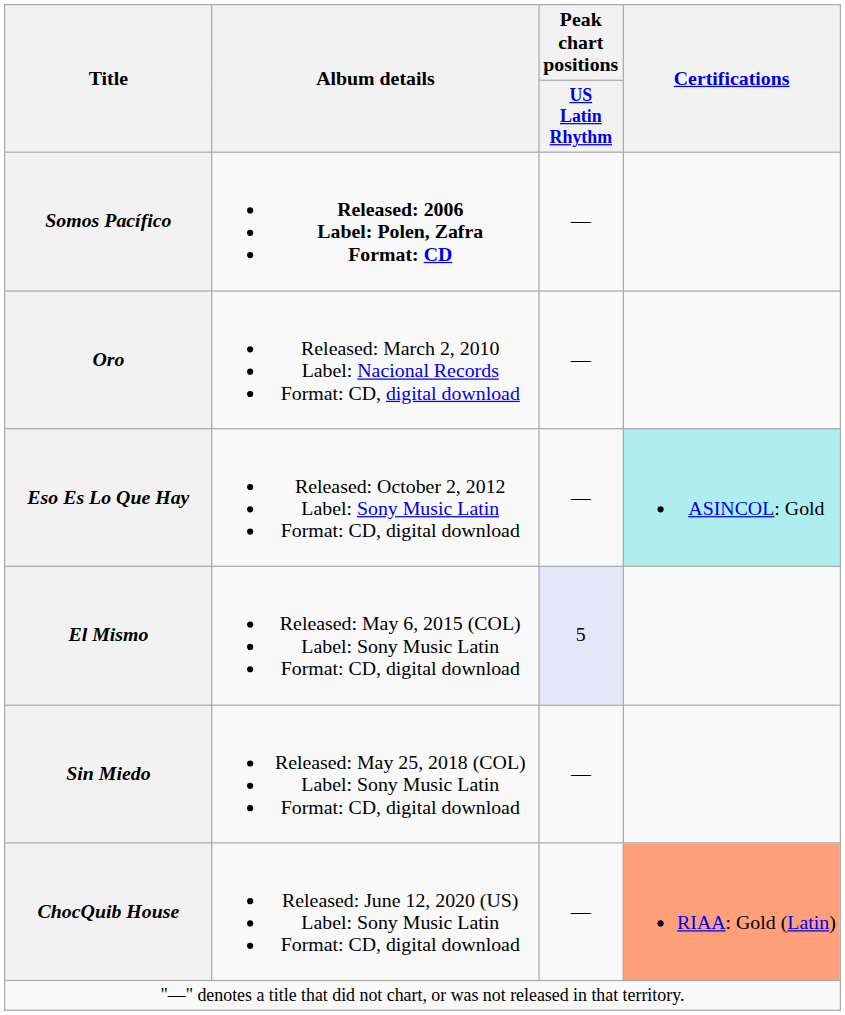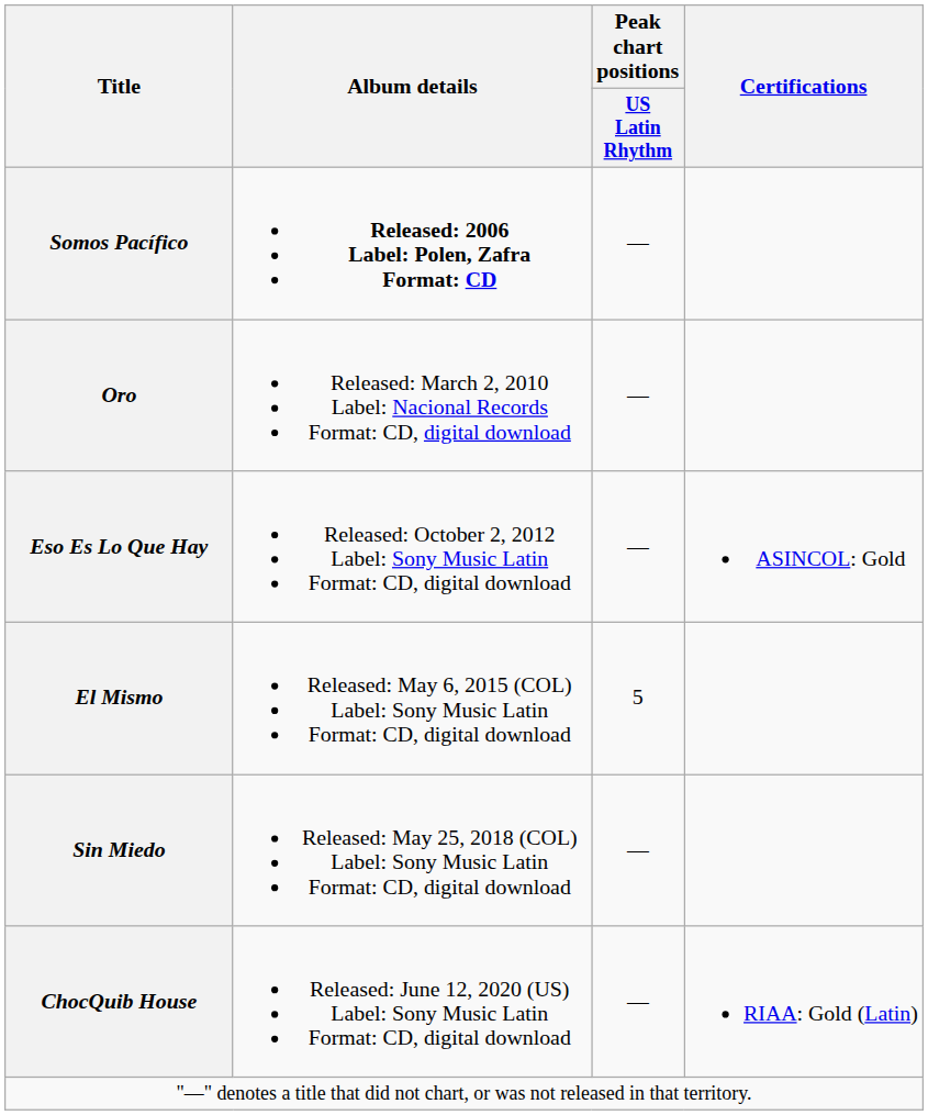 <table class="wikitable plainrowheaders" style="text-align:center;" border="1">
 <tr>
 <th scope="col" rowspan="2" style="width:10em;">Title</th>
 <th scope="col" rowspan="2" style="width:16em;">Album details</th>
 <th scope="col" colspan="1">Peak chart positions</th>
 <th scope="col" rowspan="2"><a href='#'>Certifications</a></th>
 </tr>
 <tr>
 <th scope="col" style="width:3em;font-size:90%;"><a href='#'>US<br>Latin Rhythm</a><br></th>
 </tr>
 <tr>
 <th scope="row"><em>Somos Pacífico</em></th>
 <td><strong><br><ul><li>Released: 2006</li><li>Label: Polen, Zafra</li><li>Format: <a href='#'>CD</a></li></ul></strong></td>
 <td>—</td>
 <td></td>
 </tr>
 <tr>
 <th scope="row"><em>Oro</em></th>
 <td><br><ul><li>Released: March 2, 2010</li><li>Label: <a href='#'>Nacional Records</a></li><li>Format: CD, <a href='#'>digital download</a></li></ul></td>
 <td>—</td>
 <td></td>
 </tr>
 <tr>
 <th scope="row"><em>Eso Es Lo Que Hay</em></th>
 <td><br><ul><li>Released: October 2, 2012</li><li>Label: <a href='#'>Sony Music Latin</a></li><li>Format: CD, digital download</li></ul></td>
 <td>—</td>
-<td style="background: paleturquoise;"><br><ul><li><a href='#'>ASINCOL</a>: Gold</li></ul></td>
+<td><br><ul><li><a href='#'>ASINCOL</a>: Gold</li></ul></td>
 </tr>
 <tr>
 <th scope="row"><em>El Mismo</em></th>
 <td><br><ul><li>Released: May 6, 2015 (COL)</li><li>Label: Sony Music Latin</li><li>Format: CD, digital download</li></ul></td>
-<td style="background: lavender;">5</td>
+<td>5</td>
 <td></td>
 </tr>
 <tr>
 <th scope="row"><em>Sin Miedo</em></th>
 <td><br><ul><li>Released: May 25, 2018 (COL)</li><li>Label: Sony Music Latin</li><li>Format: CD, digital download</li></ul></td>
 <td>—</td>
 <td></td>
 </tr>
 <tr>
 <th scope="row"><em>ChocQuib House</em></th>
 <td><br><ul><li>Released: June 12, 2020 (US)</li><li>Label: Sony Music Latin</li><li>Format: CD, digital download</li></ul></td>
 <td>—</td>
-<td style="background: lightsalmon;"><br><ul><li><a href='#'>RIAA</a>: Gold <span>(<a href='#'>Latin</a>)</span></li></ul></td>
+<td><br><ul><li><a href='#'>RIAA</a>: Gold <span>(<a href='#'>Latin</a>)</span></li></ul></td>
 </tr>
 <tr>
 <td colspan="14" style="font-size:90%">"—" denotes a title that did not chart, or was not released in that territory.</td>
 </tr>
 </table>
